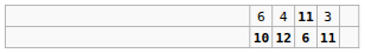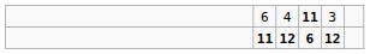 <table class="wikitable">
 <tr>
 <td style="width:18em"></td>
 <td align=center style="width:1em">6</td>
 <td align=center style="width:1em">4</td>
 <td align=center style="width:1em"><strong>11</strong></td>
 <td align=center style="width:1em">3</td>
 <td align=center style="width:1em"></td>
 </tr>
 <tr>
 <td style="width:18em"><strong></strong></td>
-<td align=center style="width:1em"><strong>10</strong></td>
+<td align=center style="width:1em"><strong>11</strong></td>
 <td align=center style="width:1em"><strong>12</strong></td>
 <td align=center style="width:1em"><strong>6</strong></td>
-<td align=center style="width:1em"><strong>11</strong></td>
+<td align=center style="width:1em"><strong>12</strong></td>
 <td align=center style="width:1em"></td>
 </tr>
 </table>
